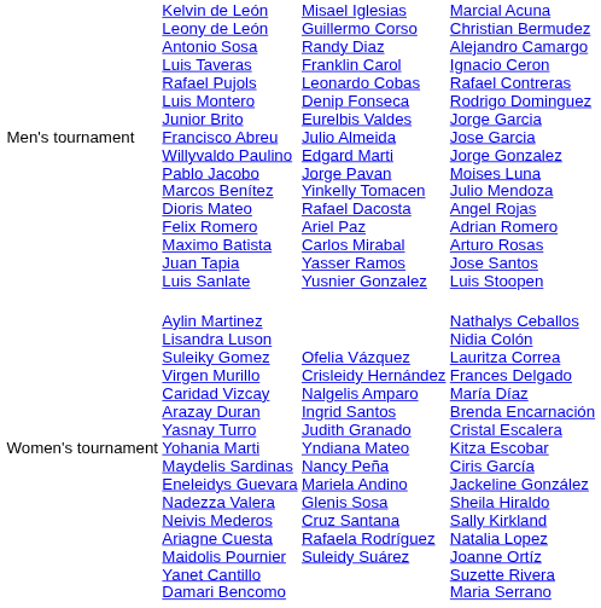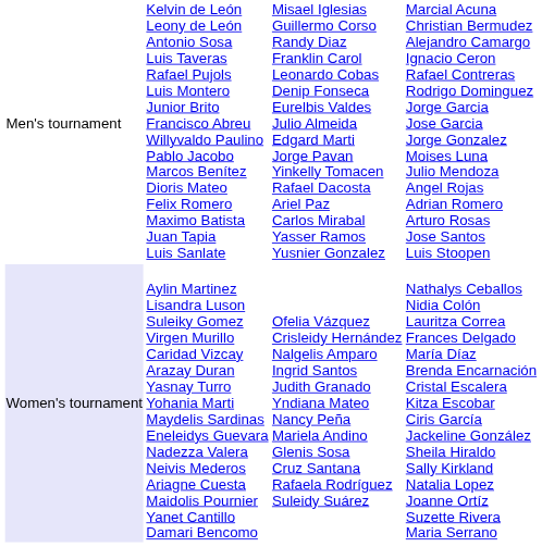 <table>
 <tr>
 <td>Men's tournament</td>
 <td><br><a href='#'>Kelvin de León</a><br><a href='#'>Leony de León</a><br><a href='#'>Antonio Sosa</a><br><a href='#'>Luis Taveras</a><br><a href='#'>Rafael Pujols</a><br><a href='#'>Luis Montero</a><br><a href='#'>Junior Brito</a><br><a href='#'>Francisco Abreu</a><br><a href='#'>Willyvaldo Paulino</a><br><a href='#'>Pablo Jacobo</a><br><a href='#'>Marcos Benítez</a><br><a href='#'>Dioris Mateo</a><br><a href='#'>Felix Romero</a><br><a href='#'>Maximo Batista</a><br><a href='#'>Juan Tapia</a><br><a href='#'>Luis Sanlate</a></td>
 <td><br><a href='#'>Misael Iglesias</a><br><a href='#'>Guillermo Corso</a><br><a href='#'>Randy Diaz</a><br><a href='#'>Franklin Carol</a><br><a href='#'>Leonardo Cobas</a><br><a href='#'>Denip Fonseca</a><br><a href='#'>Eurelbis Valdes</a><br><a href='#'>Julio Almeida</a><br><a href='#'>Edgard Marti</a><br><a href='#'>Jorge Pavan</a><br><a href='#'>Yinkelly Tomacen</a><br><a href='#'>Rafael Dacosta</a><br><a href='#'>Ariel Paz</a><br><a href='#'>Carlos Mirabal</a><br><a href='#'>Yasser Ramos</a><br><a href='#'>Yusnier Gonzalez</a></td>
 <td><br><a href='#'>Marcial Acuna</a><br><a href='#'>Christian Bermudez</a><br><a href='#'>Alejandro Camargo</a><br><a href='#'>Ignacio Ceron</a><br><a href='#'>Rafael Contreras</a><br><a href='#'>Rodrigo Dominguez</a><br><a href='#'>Jorge Garcia</a><br><a href='#'>Jose Garcia</a><br><a href='#'>Jorge Gonzalez</a><br><a href='#'>Moises Luna</a><br><a href='#'>Julio Mendoza</a><br><a href='#'>Angel Rojas</a><br><a href='#'>Adrian Romero</a><br><a href='#'>Arturo Rosas</a><br><a href='#'>Jose Santos</a><br><a href='#'>Luis Stoopen</a></td>
 </tr>
 <tr>
-<td>Women's tournament</td>
+<td style="background: lavender;">Women's tournament</td>
 <td><br><a href='#'>Aylin Martinez</a><br><a href='#'>Lisandra Luson</a><br><a href='#'>Suleiky Gomez</a><br><a href='#'>Virgen Murillo</a><br><a href='#'>Caridad Vizcay</a><br><a href='#'>Arazay Duran</a><br><a href='#'>Yasnay Turro</a><br><a href='#'>Yohania Marti</a><br><a href='#'>Maydelis Sardinas</a><br><a href='#'>Eneleidys Guevara</a><br><a href='#'>Nadezza Valera</a><br><a href='#'>Neivis Mederos</a><br><a href='#'>Ariagne Cuesta</a><br><a href='#'>Maidolis Pournier</a><br><a href='#'>Yanet Cantillo</a><br><a href='#'>Damari Bencomo</a></td>
 <td><br><a href='#'>Ofelia Vázquez</a><br><a href='#'>Crisleidy Hernández</a><br><a href='#'>Nalgelis Amparo</a><br><a href='#'>Ingrid Santos</a><br><a href='#'>Judith Granado</a><br><a href='#'>Yndiana Mateo</a><br><a href='#'>Nancy Peña</a><br><a href='#'>Mariela Andino</a><br><a href='#'>Glenis Sosa</a><br><a href='#'>Cruz Santana</a><br><a href='#'>Rafaela Rodríguez</a><br><a href='#'>Suleidy Suárez</a></td>
 <td><br><a href='#'>Nathalys Ceballos</a><br><a href='#'>Nidia Colón</a><br><a href='#'>Lauritza Correa</a><br><a href='#'>Frances Delgado</a><br><a href='#'>María Díaz</a><br><a href='#'>Brenda Encarnación</a><br><a href='#'>Cristal Escalera</a><br><a href='#'>Kitza Escobar</a><br><a href='#'>Ciris García</a><br><a href='#'>Jackeline González</a><br><a href='#'>Sheila Hiraldo</a><br><a href='#'>Sally Kirkland</a><br><a href='#'>Natalia Lopez</a><br><a href='#'>Joanne Ortíz</a><br><a href='#'>Suzette Rivera</a><br><a href='#'>Maria Serrano</a></td>
 </tr>
 </table>
